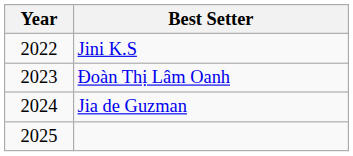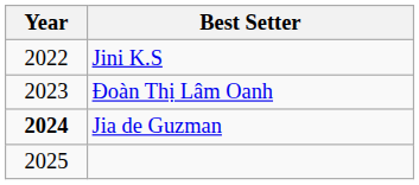 <table class="wikitable" style="width:300px;">
 <tr>
 <th width=20%>Year</th>
 <th width=80%>Best Setter</th>
 </tr>
 <tr>
 <td align=center>2022</td>
 <td> <a href='#'>Jini K.S</a></td>
 </tr>
 <tr>
 <td align=center>2023</td>
 <td> <a href='#'>Đoàn Thị Lâm Oanh</a></td>
 </tr>
 <tr>
-<td align=center>2024</td>
+<td align=center><strong>2024</strong></td>
 <td> <a href='#'>Jia de Guzman</a></td>
 </tr>
 <tr>
 <td align=center>2025</td>
 <td></td>
 </tr>
 </table>
